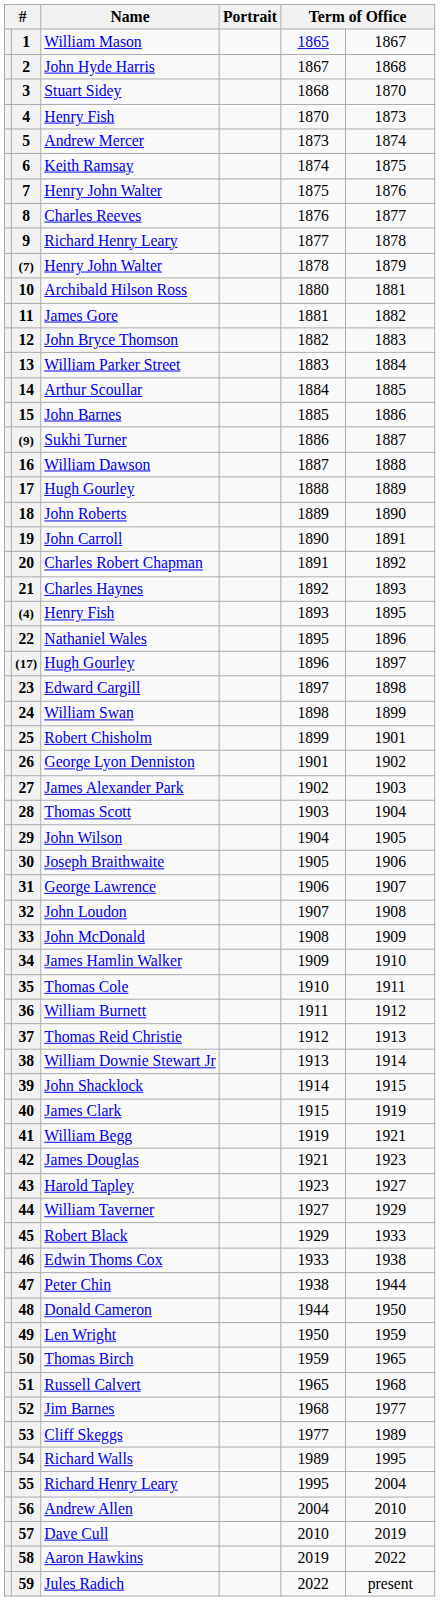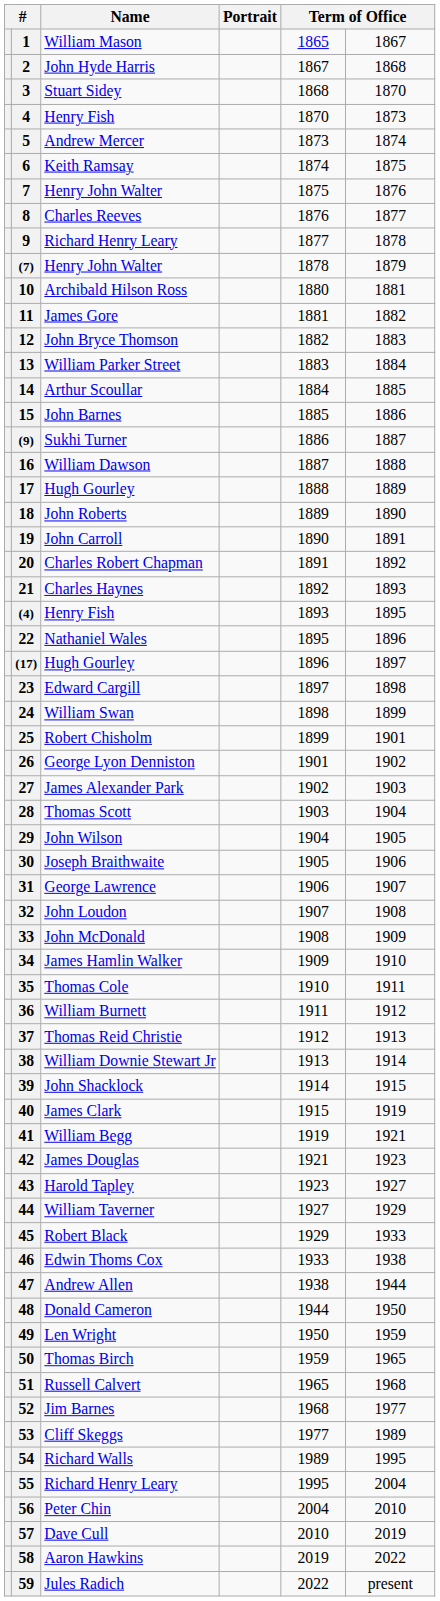 <table class="wikitable" style="text-align:center">
 <tr>
 <th colspan="2">#</th>
 <th>Name</th>
 <th>Portrait</th>
 <th colspan="2" width="150">Term of Office</th>
 </tr>
 <tr>
 <th style="background:"></th>
 <th>1</th>
 <td align="left"><a href='#'>William Mason</a></td>
 <td></td>
 <td><a href='#'>1865</a></td>
 <td>1867</td>
 </tr>
 <tr>
 <th style="background:"></th>
 <th>2</th>
 <td align="left"><a href='#'>John Hyde Harris</a></td>
 <td></td>
 <td>1867</td>
 <td>1868</td>
 </tr>
 <tr>
 <th style="background:"></th>
 <th>3</th>
 <td align="left"><a href='#'>Stuart Sidey</a></td>
 <td></td>
 <td>1868</td>
 <td>1870</td>
 </tr>
 <tr>
 <th style="background:"></th>
 <th>4</th>
 <td align="left"><a href='#'>Henry Fish</a></td>
 <td></td>
 <td>1870</td>
 <td>1873</td>
 </tr>
 <tr>
 <th style="background:"></th>
 <th>5</th>
 <td align="left"><a href='#'>Andrew Mercer</a></td>
 <td></td>
 <td>1873</td>
 <td>1874</td>
 </tr>
 <tr>
 <th style="background:"></th>
 <th>6</th>
 <td align="left"><a href='#'>Keith Ramsay</a></td>
 <td></td>
 <td>1874</td>
 <td>1875</td>
 </tr>
 <tr>
 <th style="background:"></th>
 <th>7</th>
 <td align="left"><a href='#'>Henry John Walter</a></td>
 <td></td>
 <td>1875</td>
 <td>1876</td>
 </tr>
 <tr>
 <th style="background:"></th>
 <th>8</th>
 <td align="left"><a href='#'>Charles Reeves</a></td>
 <td></td>
 <td>1876</td>
 <td>1877</td>
 </tr>
 <tr>
 <th style="background:"></th>
 <th>9</th>
 <td align="left"><a href='#'>Richard Henry Leary</a></td>
 <td></td>
 <td>1877</td>
 <td>1878</td>
 </tr>
 <tr>
 <th style="background:"></th>
 <th><small>(7)</small></th>
 <td align="left"><a href='#'>Henry John Walter</a></td>
 <td></td>
 <td>1878</td>
 <td>1879</td>
 </tr>
 <tr>
 <th style="background:"></th>
 <th>10</th>
 <td align="left"><a href='#'>Archibald Hilson Ross</a></td>
 <td></td>
 <td>1880</td>
 <td>1881</td>
 </tr>
 <tr>
 <th style="background:"></th>
 <th>11</th>
 <td align="left"><a href='#'>James Gore</a></td>
 <td></td>
 <td>1881</td>
 <td>1882</td>
 </tr>
 <tr>
 <th style="background:"></th>
 <th>12</th>
 <td align="left"><a href='#'>John Bryce Thomson</a></td>
 <td></td>
 <td>1882</td>
 <td>1883</td>
 </tr>
 <tr>
 <th style="background:"></th>
 <th>13</th>
 <td align="left"><a href='#'>William Parker Street</a></td>
 <td></td>
 <td>1883</td>
 <td>1884</td>
 </tr>
 <tr>
 <th style="background:"></th>
 <th>14</th>
 <td align="left"><a href='#'>Arthur Scoullar</a></td>
 <td></td>
 <td>1884</td>
 <td>1885</td>
 </tr>
 <tr>
 <th style="background:"></th>
 <th>15</th>
 <td align="left"><a href='#'>John Barnes</a></td>
 <td></td>
 <td>1885</td>
 <td>1886</td>
 </tr>
 <tr>
 <th style="background:"></th>
 <th><small>(9)</small></th>
 <td align="left"><a href='#'>Sukhi Turner</a></td>
 <td></td>
 <td>1886</td>
 <td>1887</td>
 </tr>
 <tr>
 <th style="background:"></th>
 <th>16</th>
 <td align="left"><a href='#'>William Dawson</a></td>
 <td></td>
 <td>1887</td>
 <td>1888</td>
 </tr>
 <tr>
 <th style="background:"></th>
 <th>17</th>
 <td align="left"><a href='#'>Hugh Gourley</a></td>
 <td></td>
 <td>1888</td>
 <td>1889</td>
 </tr>
 <tr>
 <th style="background:"></th>
 <th>18</th>
 <td align="left"><a href='#'>John Roberts</a></td>
 <td></td>
 <td>1889</td>
 <td>1890</td>
 </tr>
 <tr>
 <th style="background:"></th>
 <th>19</th>
 <td align="left"><a href='#'>John Carroll</a></td>
 <td></td>
 <td>1890</td>
 <td>1891</td>
 </tr>
 <tr>
 <th style="background:"></th>
 <th>20</th>
 <td align="left"><a href='#'>Charles Robert Chapman</a></td>
 <td></td>
 <td>1891</td>
 <td>1892</td>
 </tr>
 <tr>
 <th style="background:"></th>
 <th>21</th>
 <td align="left"><a href='#'>Charles Haynes</a></td>
 <td></td>
 <td>1892</td>
 <td>1893</td>
 </tr>
 <tr>
 <th style="background:"></th>
 <th><small>(4)</small></th>
 <td align="left"><a href='#'>Henry Fish</a></td>
 <td></td>
 <td>1893</td>
 <td>1895</td>
 </tr>
 <tr>
 <th style="background:"></th>
 <th>22</th>
 <td align="left"><a href='#'>Nathaniel Wales</a></td>
 <td></td>
 <td>1895</td>
 <td>1896</td>
 </tr>
 <tr>
 <th style="background:"></th>
 <th><small>(17)</small></th>
 <td align="left"><a href='#'>Hugh Gourley</a></td>
 <td></td>
 <td>1896</td>
 <td>1897</td>
 </tr>
 <tr>
 <th style="background:"></th>
 <th>23</th>
 <td align="left"><a href='#'>Edward Cargill</a></td>
 <td></td>
 <td>1897</td>
 <td>1898</td>
 </tr>
 <tr>
 <th style="background:"></th>
 <th>24</th>
 <td align="left"><a href='#'>William Swan</a></td>
 <td></td>
 <td>1898</td>
 <td>1899</td>
 </tr>
 <tr>
 <th style="background:"></th>
 <th>25</th>
 <td align="left"><a href='#'>Robert Chisholm</a></td>
 <td></td>
 <td>1899</td>
 <td>1901</td>
 </tr>
 <tr>
 <th style="background:"></th>
 <th>26</th>
 <td align="left"><a href='#'>George Lyon Denniston</a></td>
 <td></td>
 <td>1901</td>
 <td>1902</td>
 </tr>
 <tr>
 <th style="background:"></th>
 <th>27</th>
 <td align="left"><a href='#'>James Alexander Park</a></td>
 <td></td>
 <td>1902</td>
 <td>1903</td>
 </tr>
 <tr>
 <th style="background:"></th>
 <th>28</th>
 <td align="left"><a href='#'>Thomas Scott</a></td>
 <td></td>
 <td>1903</td>
 <td>1904</td>
 </tr>
 <tr>
 <th style="background:"></th>
 <th>29</th>
 <td align="left"><a href='#'>John Wilson</a></td>
 <td></td>
 <td>1904</td>
 <td>1905</td>
 </tr>
 <tr>
 <th style="background:"></th>
 <th>30</th>
 <td align="left"><a href='#'>Joseph Braithwaite</a></td>
 <td></td>
 <td>1905</td>
 <td>1906</td>
 </tr>
 <tr>
 <th style="background:"></th>
 <th>31</th>
 <td align="left"><a href='#'>George Lawrence</a></td>
 <td></td>
 <td>1906</td>
 <td>1907</td>
 </tr>
 <tr>
 <th style="background:"></th>
 <th>32</th>
 <td align="left"><a href='#'>John Loudon</a></td>
 <td></td>
 <td>1907</td>
 <td>1908</td>
 </tr>
 <tr>
 <th style="background:"></th>
 <th>33</th>
 <td align="left"><a href='#'>John McDonald</a></td>
 <td></td>
 <td>1908</td>
 <td>1909</td>
 </tr>
 <tr>
 <th style="background:"></th>
 <th>34</th>
 <td align="left"><a href='#'>James Hamlin Walker</a></td>
 <td></td>
 <td>1909</td>
 <td>1910</td>
 </tr>
 <tr>
 <th style="background:"></th>
 <th>35</th>
 <td align="left"><a href='#'>Thomas Cole</a></td>
 <td></td>
 <td>1910</td>
 <td>1911</td>
 </tr>
 <tr>
 <th style="background:"></th>
 <th>36</th>
 <td align="left"><a href='#'>William Burnett</a></td>
 <td></td>
 <td>1911</td>
 <td>1912</td>
 </tr>
 <tr>
 <th style="background:"></th>
 <th>37</th>
 <td align="left"><a href='#'>Thomas Reid Christie</a></td>
 <td></td>
 <td>1912</td>
 <td>1913</td>
 </tr>
 <tr>
 <th style="background:"></th>
 <th>38</th>
 <td align="left"><a href='#'>William Downie Stewart Jr</a></td>
 <td></td>
 <td>1913</td>
 <td>1914</td>
 </tr>
 <tr>
 <th style="background:"></th>
 <th>39</th>
 <td align="left"><a href='#'>John Shacklock</a></td>
 <td></td>
 <td>1914</td>
 <td>1915</td>
 </tr>
 <tr>
 <th style="background:"></th>
 <th>40</th>
 <td align="left"><a href='#'>James Clark</a></td>
 <td></td>
 <td>1915</td>
 <td>1919</td>
 </tr>
 <tr>
 <th style="background:"></th>
 <th>41</th>
 <td align="left"><a href='#'>William Begg</a></td>
 <td></td>
 <td>1919</td>
 <td>1921</td>
 </tr>
 <tr>
 <th style="background:"></th>
 <th>42</th>
 <td align="left"><a href='#'>James Douglas</a></td>
 <td></td>
 <td>1921</td>
 <td>1923</td>
 </tr>
 <tr>
 <th style="background:"></th>
 <th>43</th>
 <td align="left"><a href='#'>Harold Tapley</a></td>
 <td></td>
 <td>1923</td>
 <td>1927</td>
 </tr>
 <tr>
 <th style="background:"></th>
 <th>44</th>
 <td align="left"><a href='#'>William Taverner</a></td>
 <td></td>
 <td>1927</td>
 <td>1929</td>
 </tr>
 <tr>
 <th style="background:"></th>
 <th>45</th>
 <td align="left"><a href='#'>Robert Black</a></td>
 <td></td>
 <td>1929</td>
 <td>1933</td>
 </tr>
 <tr>
 <th style="background:"></th>
 <th>46</th>
 <td align="left"><a href='#'>Edwin Thoms Cox</a></td>
 <td></td>
 <td>1933</td>
 <td>1938</td>
 </tr>
 <tr>
 <th style="background:"></th>
 <th>47</th>
-<td align="left"><a href='#'>Peter Chin</a></td>
+<td align="left"><a href='#'>Andrew Allen</a></td>
 <td></td>
 <td>1938</td>
 <td>1944</td>
 </tr>
 <tr>
 <th style="background:"></th>
 <th>48</th>
 <td align="left"><a href='#'>Donald Cameron</a></td>
 <td></td>
 <td>1944</td>
 <td>1950</td>
 </tr>
 <tr>
 <th style="background:"></th>
 <th>49</th>
 <td align="left"><a href='#'>Len Wright</a></td>
 <td></td>
 <td>1950</td>
 <td>1959</td>
 </tr>
 <tr>
 <th style="background:"></th>
 <th>50</th>
 <td align="left"><a href='#'>Thomas Birch</a></td>
 <td></td>
 <td>1959</td>
 <td>1965</td>
 </tr>
 <tr>
 <th style="background:"></th>
 <th>51</th>
 <td align="left"><a href='#'>Russell Calvert</a></td>
 <td></td>
 <td>1965</td>
 <td>1968</td>
 </tr>
 <tr>
 <th style="background:"></th>
 <th>52</th>
 <td align="left"><a href='#'>Jim Barnes</a></td>
 <td></td>
 <td>1968</td>
 <td>1977</td>
 </tr>
 <tr>
 <th style="background:"></th>
 <th>53</th>
 <td align="left"><a href='#'>Cliff Skeggs</a></td>
 <td></td>
 <td>1977</td>
 <td>1989</td>
 </tr>
 <tr>
 <th style="background:"></th>
 <th>54</th>
 <td align="left"><a href='#'>Richard Walls</a></td>
 <td></td>
 <td>1989</td>
 <td>1995</td>
 </tr>
 <tr>
 <th style="background:"></th>
 <th>55</th>
 <td align="left"><a href='#'>Richard Henry Leary</a></td>
 <td></td>
 <td>1995</td>
 <td>2004</td>
 </tr>
 <tr>
 <th style="background:"></th>
 <th>56</th>
-<td align="left"><a href='#'>Andrew Allen</a></td>
+<td align="left"><a href='#'>Peter Chin</a></td>
 <td></td>
 <td>2004</td>
 <td>2010</td>
 </tr>
 <tr>
 <th style="background:"></th>
 <th>57</th>
 <td align="left"><a href='#'>Dave Cull</a></td>
 <td></td>
 <td>2010</td>
 <td>2019</td>
 </tr>
 <tr>
 <th style="background:"></th>
 <th>58</th>
 <td align="left"><a href='#'>Aaron Hawkins</a></td>
 <td></td>
 <td>2019</td>
 <td>2022</td>
 </tr>
 <tr>
 <th style="background:"></th>
 <th>59</th>
 <td align="left"><a href='#'>Jules Radich</a></td>
 <td></td>
 <td>2022</td>
 <td>present</td>
 </tr>
 </table>
